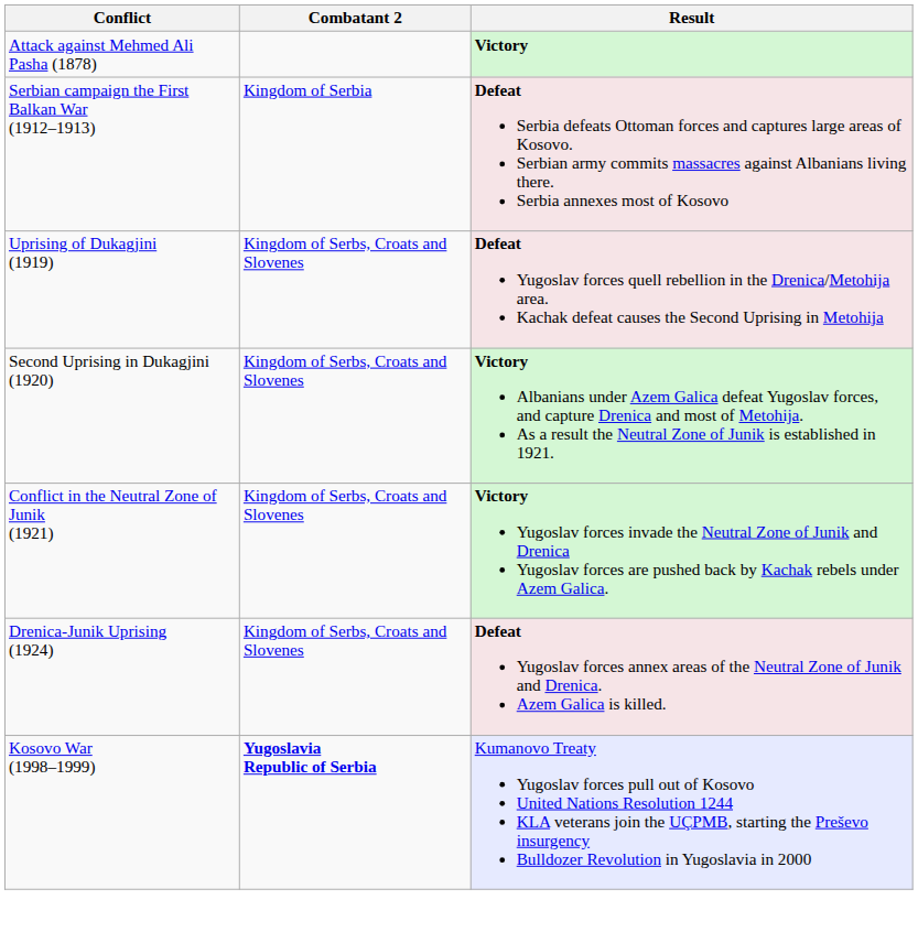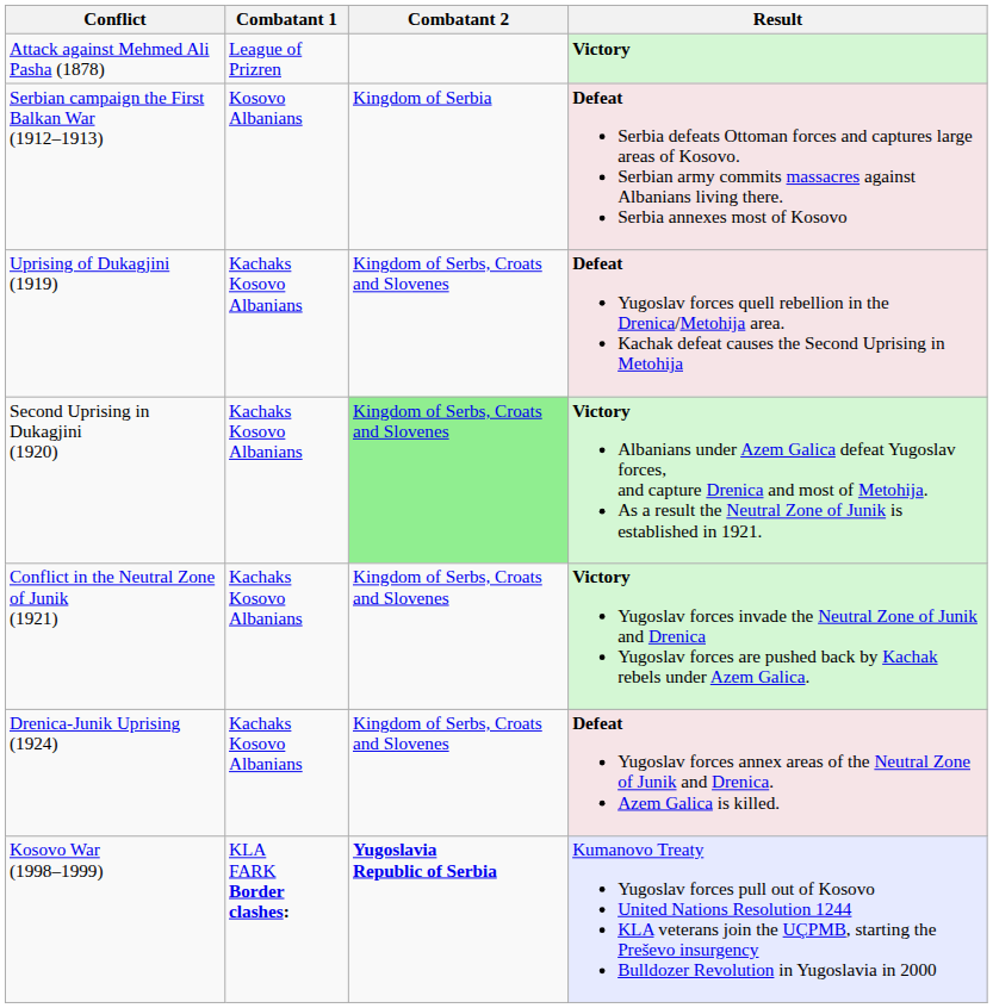 <table class="wikitable">
 <tr>
 <th>Conflict</th>
+<th>Combatant 1</th>
 <th>Combatant 2</th>
 <th>Result</th>
 </tr>
 <tr valign="top">
 <td><a href='#'>Attack against Mehmed Ali Pasha</a> (1878)</td>
+<td><a href='#'>League of Prizren</a></td>
 <td></td>
 <td bgcolor="#D4F7D4"><strong>Victory</strong></td>
 </tr>
 <tr valign="top">
 <td><a href='#'>Serbian campaign the First Balkan War</a><br>(1912–1913)</td>
+<td> <a href='#'>Kosovo Albanians</a></td>
 <td> <a href='#'>Kingdom of Serbia</a></td>
 <td bgcolor="#F6E4E7"><strong>Defeat</strong><br><ul><li>Serbia defeats Ottoman forces and captures large areas of Kosovo.</li><li>Serbian army commits <a href='#'>massacres</a> against Albanians living there.</li><li>Serbia annexes most of Kosovo</li></ul></td>
 </tr>
 <tr valign="top">
 <td><a href='#'>Uprising of Dukagjini</a><br>(1919)</td>
+<td> <a href='#'>Kachaks</a><br> <a href='#'>Kosovo Albanians</a></td>
 <td> <a href='#'>Kingdom of Serbs, Croats and Slovenes</a></td>
 <td bgcolor="#F6E4E7"><strong>Defeat</strong><br><ul><li>Yugoslav forces quell rebellion in the <a href='#'>Drenica</a>/<a href='#'>Metohija</a> area.</li><li>Kachak defeat causes the Second Uprising in <a href='#'>Metohija</a></li></ul></td>
 </tr>
 <tr valign="top">
 <td>Second Uprising in Dukagjini<br>(1920)</td>
-<td> <a href='#'>Kingdom of Serbs, Croats and Slovenes</a></td>
+<td> <a href='#'>Kachaks</a><br> <a href='#'>Kosovo Albanians</a></td>
+<td style="background: lightgreen;"> <a href='#'>Kingdom of Serbs, Croats and Slovenes</a></td>
 <td bgcolor="#D4F7D4"><strong>Victory</strong><br><ul><li>Albanians under <a href='#'>Azem Galica</a> defeat Yugoslav forces,<br> and capture <a href='#'>Drenica</a> and most of <a href='#'>Metohija</a>.</li><li>As a result the <a href='#'>Neutral Zone of Junik</a> is established in 1921.</li></ul></td>
 </tr>
 <tr valign="top">
 <td><a href='#'>Conflict in the Neutral Zone of Junik</a><br>(1921)</td>
+<td> <a href='#'>Kachaks</a><br> <a href='#'>Kosovo Albanians</a></td>
 <td> <a href='#'>Kingdom of Serbs, Croats and Slovenes</a></td>
 <td bgcolor="#D4F7D4"><strong>Victory</strong><br><ul><li>Yugoslav forces invade the <a href='#'>Neutral Zone of Junik</a> and <a href='#'>Drenica</a></li><li>Yugoslav forces are pushed back by <a href='#'>Kachak</a> rebels under <a href='#'>Azem Galica</a>.</li></ul></td>
 </tr>
 <tr valign="top">
 <td><a href='#'>Drenica-Junik Uprising</a><br>(1924)</td>
+<td> <a href='#'>Kachaks</a><br> <a href='#'>Kosovo Albanians</a></td>
 <td> <a href='#'>Kingdom of Serbs, Croats and Slovenes</a></td>
 <td bgcolor="#F6E4E7"><strong>Defeat</strong><br><ul><li>Yugoslav forces annex areas of the <a href='#'>Neutral Zone of Junik</a> and <a href='#'>Drenica</a>.</li><li><a href='#'>Azem Galica</a> is killed.</li></ul></td>
 </tr>
 <tr valign="top">
 <td><a href='#'>Kosovo War</a><br>(1998–1999)</td>
+<td> <a href='#'>KLA</a><br> <a href='#'>FARK</a><br><strong><a href='#'>Border clashes</a>:</strong><br> </td>
 <td><strong> <a href='#'>Yugoslavia</a><br> <a href='#'>Republic of Serbia</a></strong></td>
 <td bgcolor="#E6EAFF"><a href='#'>Kumanovo Treaty</a><br><ul><li>Yugoslav forces pull out of Kosovo</li><li><a href='#'>United Nations Resolution 1244</a></li><li><a href='#'>KLA</a> veterans join the <a href='#'>UÇPMB</a>, starting the <a href='#'>Preševo insurgency</a></li><li><a href='#'>Bulldozer Revolution</a> in Yugoslavia in 2000</li></ul></td>
 </tr>
 </table>
